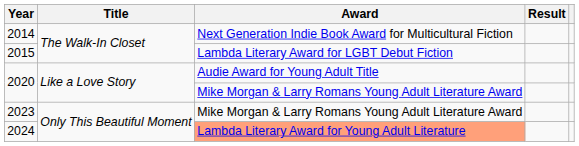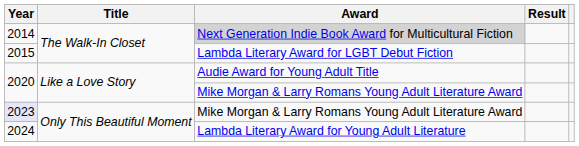 <table class="wikitable">
 <tr>
 <th>Year</th>
 <th>Title</th>
 <th>Award</th>
 <th>Result</th>
 <th></th>
 </tr>
 <tr>
 <td>2014</td>
 <td rowspan="2"><em>The Walk-In Closet</em></td>
-<td><a href='#'>Next Generation Indie Book Award</a> for Multicultural Fiction</td>
+<td style="background: lightgrey;"><a href='#'>Next Generation Indie Book Award</a> for Multicultural Fiction</td>
 <td></td>
 <td></td>
 </tr>
 <tr>
 <td>2015</td>
 <td><a href='#'>Lambda Literary Award for LGBT Debut Fiction</a></td>
 <td></td>
 <td></td>
 </tr>
 <tr>
 <td rowspan="2">2020</td>
 <td rowspan="2"><em>Like a Love Story</em></td>
 <td><a href='#'>Audie Award for Young Adult Title</a></td>
 <td></td>
 <td></td>
 </tr>
 <tr>
 <td><a href='#'>Mike Morgan & Larry Romans Young Adult Literature Award</a></td>
 <td></td>
 <td></td>
 </tr>
 <tr>
-<td>2023</td>
+<td style="background: lavender;">2023</td>
 <td rowspan="2"><em>Only This Beautiful Moment</em></td>
 <td>Mike Morgan & Larry Romans Young Adult Literature Award</td>
 <td></td>
 <td></td>
 </tr>
 <tr>
 <td>2024</td>
-<td style="background: lightsalmon;"><a href='#'>Lambda Literary Award for Young Adult Literature</a></td>
+<td><a href='#'>Lambda Literary Award for Young Adult Literature</a></td>
 <td></td>
 <td></td>
 </tr>
 </table>
